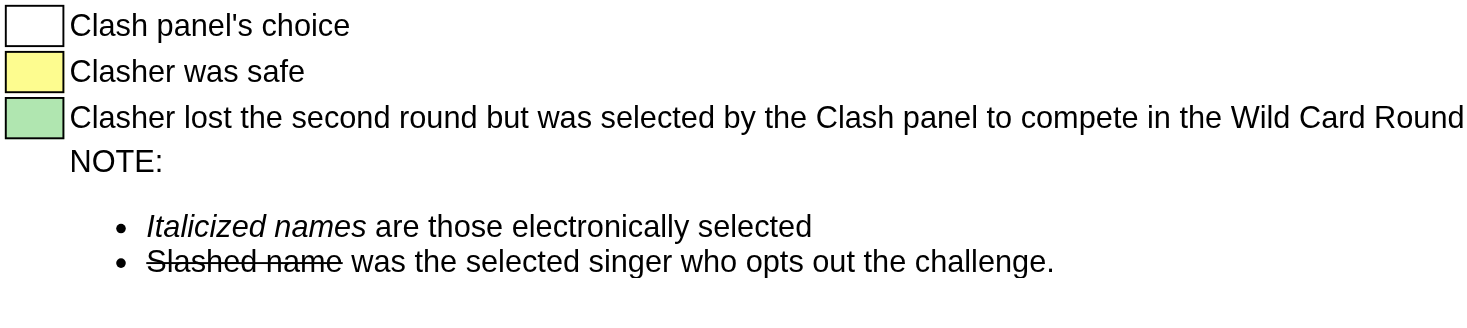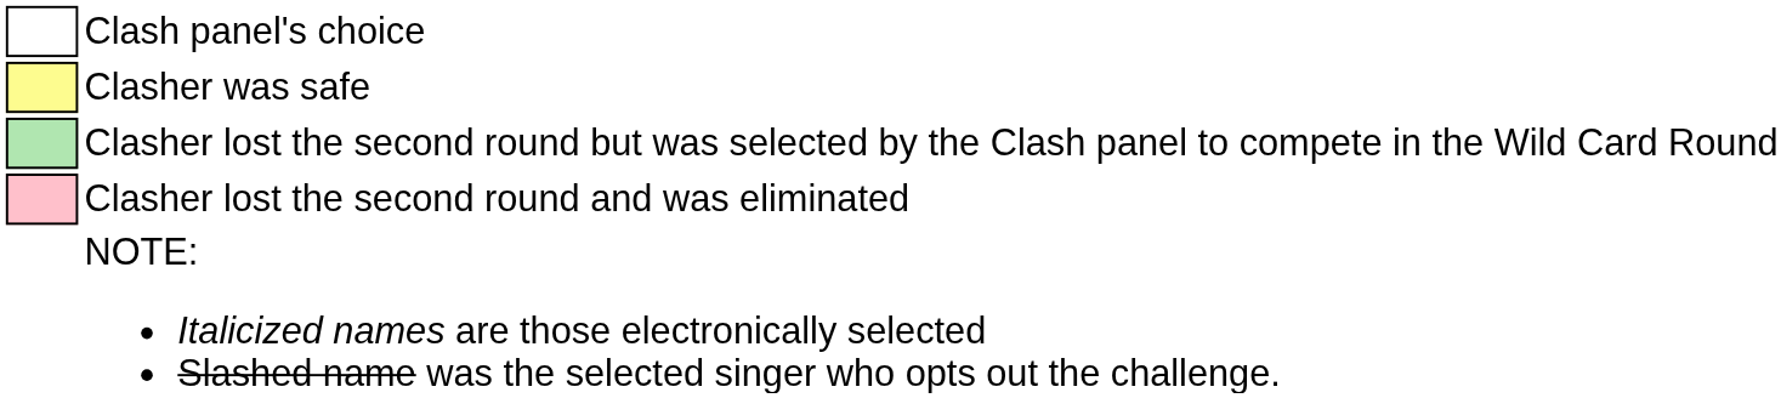 <table class="toccolours" style="white-space: nowrap;">
 <tr>
 <td style="background:white; border: 1px solid black;"> <strong></strong> </td>
 <td>Clash panel's choice</td>
 </tr>
 <tr>
 <td style="background:#fdfc8f; border: 1px solid black">    </td>
 <td>Clasher was safe</td>
 </tr>
 <tr>
 <td style="background:#b0e6b0; border:1px solid black;">      </td>
 <td>Clasher lost the second round but was selected by the Clash panel to compete in the Wild Card Round</td>
 </tr>
 <tr>
+<td style="background:pink; border:1px solid black;">      </td>
+<td>Clasher lost the second round and was eliminated</td>
+</tr>
+<tr>
 <td style="background:none; border: 0px solid black">    </td>
 <td>NOTE:<br><ul><li><em>Italicized names</em> are those electronically selected</li><li><s>Slashed name</s> was the selected singer who opts out the challenge.</li></ul></td>
 </tr>
 </table>
